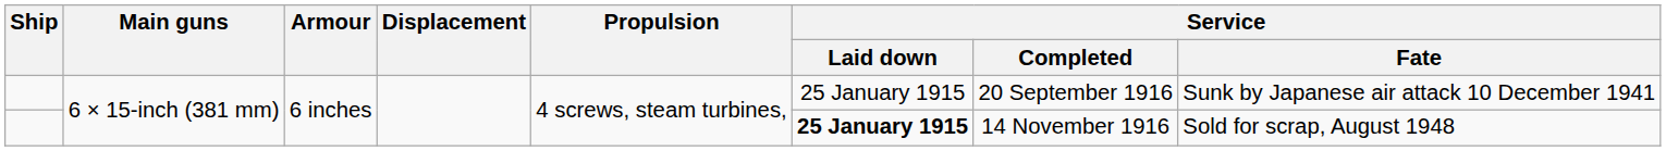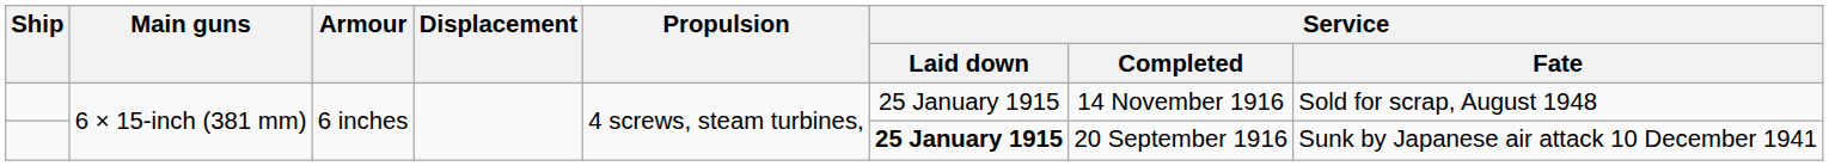 <table class="wikitable">
 <tr valign="top">
 <th align= center rowspan=2>Ship</th>
 <th align= center rowspan=2>Main guns</th>
 <th align= center rowspan=2>Armour</th>
 <th align= center rowspan=2>Displacement</th>
 <th align= center rowspan=2>Propulsion</th>
 <th align= center colspan=3>Service</th>
 </tr>
 <tr valign="top">
 <th align= center>Laid down</th>
 <th align= center>Completed</th>
 <th align= center>Fate</th>
 </tr>
 <tr valign="center">
 <td align= left></td>
 <td align= center rowspan=2>6 × 15-inch (381 mm)</td>
 <td align= center rowspan=2>6 inches</td>
 <td align= center rowspan=2></td>
 <td align= center rowspan=2>4 screws, steam turbines, </td>
 <td align= center>25 January 1915</td>
-<td align= center>20 September 1916</td>
-<td align= left>Sunk by Japanese air attack 10 December 1941</td>
+<td align= center>14 November 1916</td>
+<td align= left>Sold for scrap, August 1948</td>
 </tr>
 <tr valign="center">
 <td align= left></td>
 <td align= center><strong>25 January 1915</strong></td>
-<td align= center>14 November 1916</td>
-<td align= left>Sold for scrap, August 1948</td>
+<td align= center>20 September 1916</td>
+<td align= left>Sunk by Japanese air attack 10 December 1941</td>
 </tr>
 </table>
